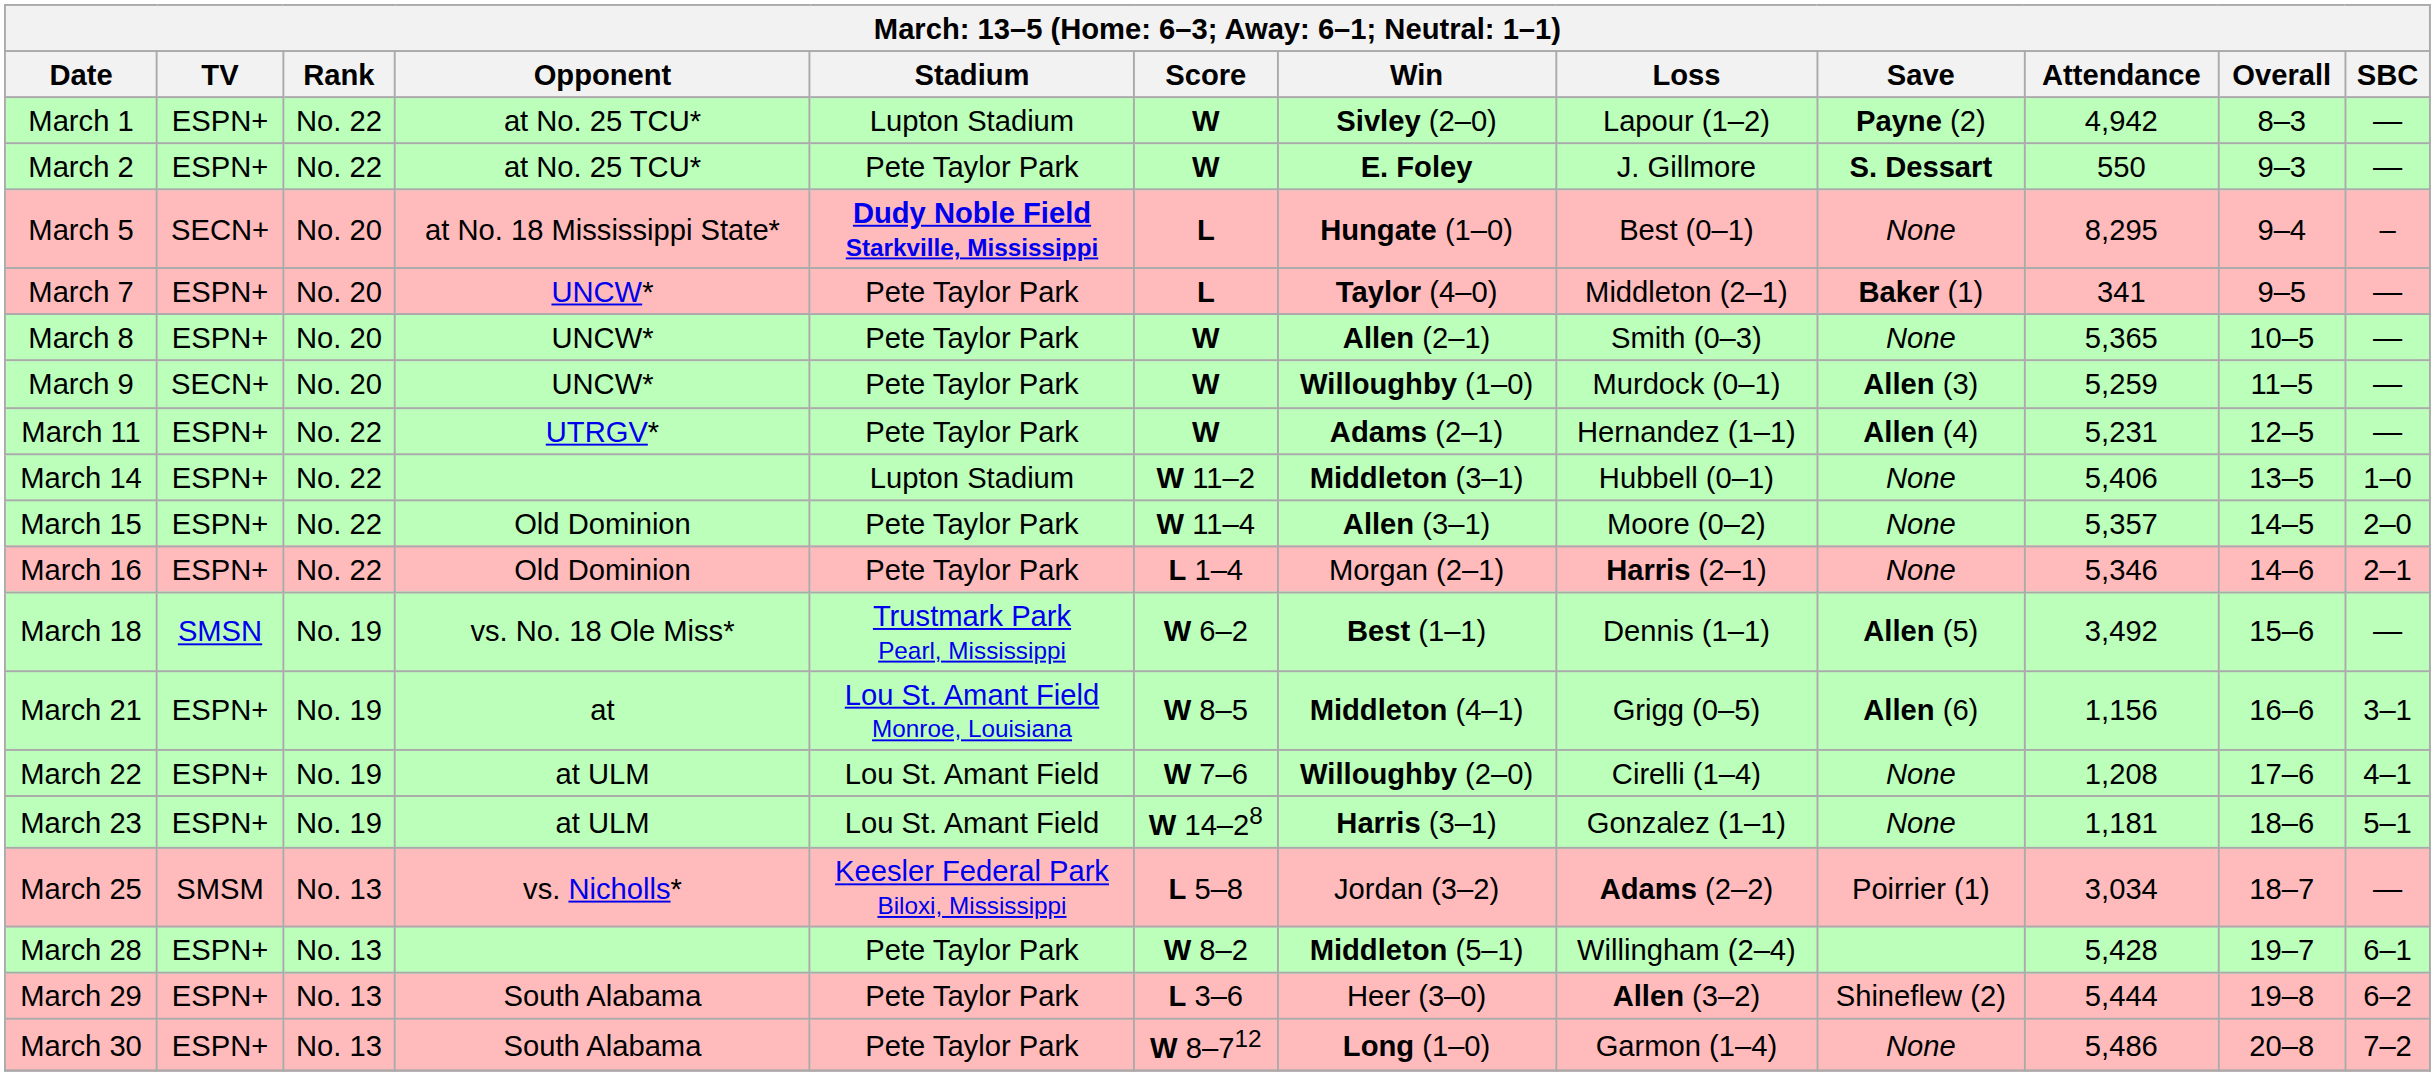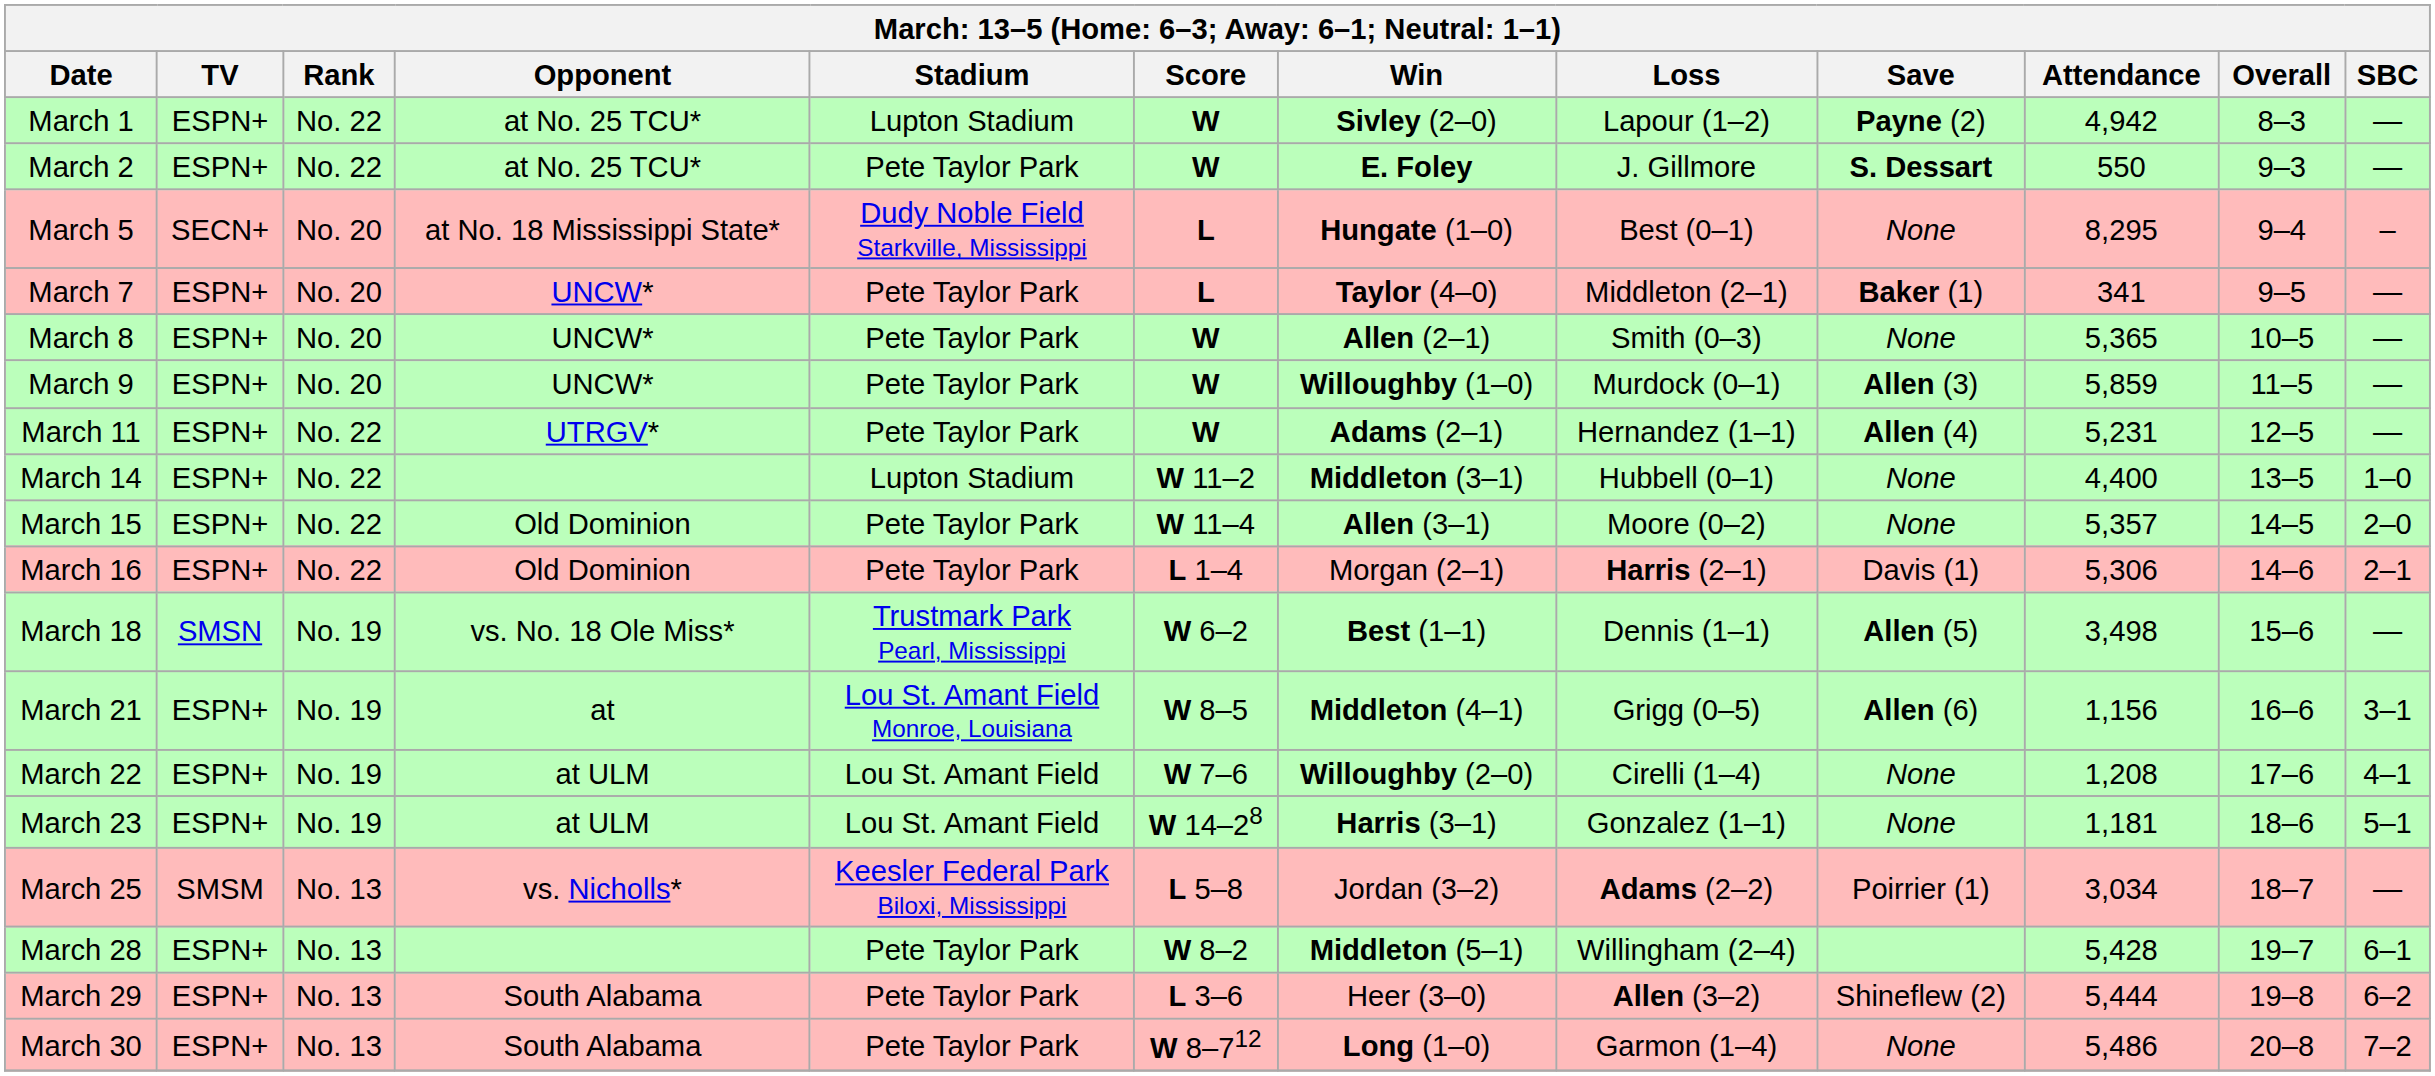 <table class="wikitable collapsible collapsed" style="margin:auto; width:100%; text-align:center; font-size:95%">
 <tr>
 <th colspan=12>March: 13–5 (Home: 6–3; Away: 6–1; Neutral: 1–1)</th>
 </tr>
 <tr>
 <th>Date</th>
 <th>TV</th>
 <th>Rank</th>
 <th>Opponent</th>
 <th>Stadium</th>
 <th>Score</th>
 <th>Win</th>
 <th>Loss</th>
 <th>Save</th>
 <th>Attendance</th>
 <th>Overall</th>
 <th>SBC</th>
 </tr>
 <tr style="background:#bfb;">
 <td>March 1</td>
 <td>ESPN+</td>
 <td>No. 22</td>
 <td>at No. 25 TCU*</td>
 <td>Lupton Stadium</td>
 <td><strong>W</strong> </td>
 <td><strong>Sivley</strong> (2–0)</td>
 <td>Lapour (1–2)</td>
 <td><strong>Payne</strong> (2)</td>
 <td>4,942</td>
 <td>8–3</td>
 <td>—</td>
 </tr>
 <tr style="background:#bfb">
 <td>March 2</td>
 <td>ESPN+</td>
 <td>No. 22</td>
 <td>at No. 25 TCU*</td>
 <td>Pete Taylor Park</td>
 <td><strong>W</strong> </td>
 <td><strong>E. Foley</strong></td>
 <td>J. Gillmore</td>
 <td><strong>S. Dessart</strong></td>
 <td>550</td>
 <td>9–3</td>
 <td>—</td>
 </tr>
 <tr style="background:#fbb">
 <td>March 5</td>
 <td>SECN+</td>
 <td>No. 20</td>
 <td>at No. 18 Mississippi State*</td>
-<td><strong><a href='#'>Dudy Noble Field</a><br><small><a href='#'>Starkville, Mississippi</a></small></strong></td>
+<td><a href='#'>Dudy Noble Field</a><br><small><a href='#'>Starkville, Mississippi</a></small></td>
 <td><strong>L</strong> </td>
 <td><strong>Hungate</strong> (1–0)</td>
 <td>Best (0–1)</td>
 <td><em>None</em></td>
 <td>8,295</td>
 <td>9–4</td>
 <td>–</td>
 </tr>
 <tr style="background:#fbb">
 <td>March 7</td>
 <td>ESPN+</td>
 <td>No. 20</td>
 <td><a href='#'>UNCW</a>*</td>
 <td>Pete Taylor Park</td>
 <td><strong>L</strong> </td>
 <td><strong>Taylor</strong> (4–0)</td>
 <td>Middleton (2–1)</td>
 <td><strong>Baker</strong> (1)</td>
 <td>341</td>
 <td>9–5</td>
 <td>—</td>
 </tr>
 <tr style="background:#bfb">
 <td>March 8</td>
 <td>ESPN+</td>
 <td>No. 20</td>
 <td>UNCW*</td>
 <td>Pete Taylor Park</td>
 <td><strong>W</strong> </td>
 <td><strong>Allen</strong> (2–1)</td>
 <td>Smith (0–3)</td>
 <td><em>None</em></td>
 <td>5,365</td>
 <td>10–5</td>
 <td>—</td>
 </tr>
 <tr style="background:#bfb">
 <td>March 9</td>
-<td>SECN+</td>
+<td>ESPN+</td>
 <td>No. 20</td>
 <td>UNCW*</td>
 <td>Pete Taylor Park</td>
 <td><strong>W</strong> </td>
 <td><strong>Willoughby</strong> (1–0)</td>
 <td>Murdock (0–1)</td>
 <td><strong>Allen</strong> (3)</td>
-<td>5,259</td>
+<td>5,859</td>
 <td>11–5</td>
 <td>—</td>
 </tr>
 <tr style="background:#bfb">
 <td>March 11</td>
 <td>ESPN+</td>
 <td>No. 22</td>
 <td><a href='#'>UTRGV</a>*</td>
 <td>Pete Taylor Park</td>
 <td><strong>W</strong> </td>
 <td><strong>Adams</strong> (2–1)</td>
 <td>Hernandez (1–1)</td>
 <td><strong>Allen</strong> (4)</td>
 <td>5,231</td>
 <td>12–5</td>
 <td>—</td>
 </tr>
 <tr style="background:#bfb">
 <td>March 14</td>
 <td>ESPN+</td>
 <td>No. 22</td>
 <td></td>
 <td>Lupton Stadium</td>
 <td><strong>W</strong> 11–2</td>
 <td><strong>Middleton</strong> (3–1)</td>
 <td>Hubbell (0–1)</td>
 <td><em>None</em></td>
-<td>5,406</td>
+<td>4,400</td>
 <td>13–5</td>
 <td>1–0</td>
 </tr>
 <tr style="background:#bfb">
 <td>March 15</td>
 <td>ESPN+</td>
 <td>No. 22</td>
 <td>Old Dominion</td>
 <td>Pete Taylor Park</td>
 <td><strong>W</strong> 11–4</td>
 <td><strong>Allen</strong> (3–1)</td>
 <td>Moore (0–2)</td>
 <td><em>None</em></td>
 <td>5,357</td>
 <td>14–5</td>
 <td>2–0</td>
 </tr>
 <tr style="background:#fbb">
 <td>March 16</td>
 <td>ESPN+</td>
 <td>No. 22</td>
 <td>Old Dominion</td>
 <td>Pete Taylor Park</td>
 <td><strong>L</strong> 1–4</td>
 <td>Morgan (2–1)</td>
 <td><strong>Harris</strong> (2–1)</td>
-<td><em>None</em></td>
-<td>5,346</td>
+<td>Davis (1)</td>
+<td>5,306</td>
 <td>14–6</td>
 <td>2–1</td>
 </tr>
 <tr style="background:#bfb">
 <td>March 18</td>
 <td><a href='#'>SMSN</a></td>
 <td>No. 19</td>
 <td>vs. No. 18 Ole Miss*</td>
 <td><a href='#'>Trustmark Park</a><br><small><a href='#'>Pearl, Mississippi</a></small></td>
 <td><strong>W</strong> 6–2</td>
 <td><strong>Best</strong> (1–1)</td>
 <td>Dennis (1–1)</td>
 <td><strong>Allen</strong> (5)</td>
-<td>3,492</td>
+<td>3,498</td>
 <td>15–6</td>
 <td>—</td>
 </tr>
 <tr style="background:#bfb">
 <td>March 21</td>
 <td>ESPN+</td>
 <td>No. 19</td>
 <td>at </td>
 <td><a href='#'>Lou St. Amant Field</a><br><small><a href='#'>Monroe, Louisiana</a></small></td>
 <td><strong>W</strong> 8–5</td>
 <td><strong>Middleton</strong> (4–1)</td>
 <td>Grigg (0–5)</td>
 <td><strong>Allen</strong> (6)</td>
 <td>1,156</td>
 <td>16–6</td>
 <td>3–1</td>
 </tr>
 <tr style="background:#bfb">
 <td>March 22</td>
 <td>ESPN+</td>
 <td>No. 19</td>
 <td>at ULM</td>
 <td>Lou St. Amant Field</td>
 <td><strong>W</strong> 7–6</td>
 <td><strong>Willoughby</strong> (2–0)</td>
 <td>Cirelli (1–4)</td>
 <td><em>None</em></td>
 <td>1,208</td>
 <td>17–6</td>
 <td>4–1</td>
 </tr>
 <tr style="background:#bfb">
 <td>March 23</td>
 <td>ESPN+</td>
 <td>No. 19</td>
 <td>at ULM</td>
 <td>Lou St. Amant Field</td>
 <td><strong>W</strong> 14–2<sup>8</sup></td>
 <td><strong>Harris</strong> (3–1)</td>
 <td>Gonzalez (1–1)</td>
 <td><em>None</em></td>
 <td>1,181</td>
 <td>18–6</td>
 <td>5–1</td>
 </tr>
 <tr style="background:#fbb">
 <td>March 25</td>
 <td>SMSM</td>
 <td>No. 13</td>
 <td>vs. <a href='#'>Nicholls</a>*</td>
 <td><a href='#'>Keesler Federal Park</a><br><small><a href='#'>Biloxi, Mississippi</a></small></td>
 <td><strong>L</strong> 5–8</td>
 <td>Jordan (3–2)</td>
 <td><strong>Adams</strong> (2–2)</td>
 <td>Poirrier (1)</td>
 <td>3,034</td>
 <td>18–7</td>
 <td>—</td>
 </tr>
 <tr style="background:#bfb">
 <td>March 28</td>
 <td>ESPN+</td>
 <td>No. 13</td>
 <td></td>
 <td>Pete Taylor Park</td>
 <td><strong>W</strong> 8–2</td>
 <td><strong>Middleton</strong> (5–1)</td>
 <td>Willingham (2–4)</td>
 <td></td>
 <td>5,428</td>
 <td>19–7</td>
 <td>6–1</td>
 </tr>
 <tr style="background:#fbb">
 <td>March 29</td>
 <td>ESPN+</td>
 <td>No. 13</td>
 <td>South Alabama</td>
 <td>Pete Taylor Park</td>
 <td><strong>L</strong> 3–6</td>
 <td>Heer (3–0)</td>
 <td><strong>Allen</strong> (3–2)</td>
 <td>Shineflew (2)</td>
 <td>5,444</td>
 <td>19–8</td>
 <td>6–2</td>
 </tr>
 <tr style="background:#fbb">
 <td>March 30</td>
 <td>ESPN+</td>
 <td>No. 13</td>
 <td>South Alabama</td>
 <td>Pete Taylor Park</td>
 <td><strong>W</strong> 8–7<sup>12</sup></td>
 <td><strong>Long</strong> (1–0)</td>
 <td>Garmon (1–4)</td>
 <td><em>None</em></td>
 <td>5,486</td>
 <td>20–8</td>
 <td>7–2</td>
 </tr>
 <tr>
 </tr>
 </table>
